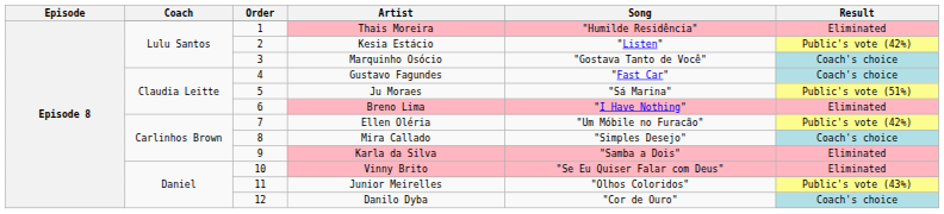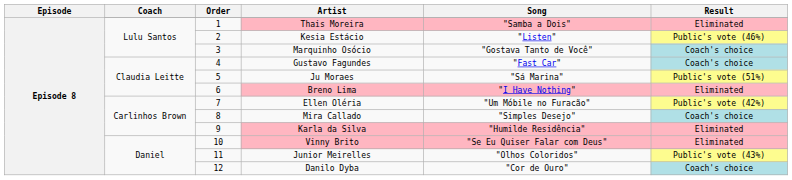 <table class="wikitable" style="text-align:center; width:100%;">
 <tr>
 <th scope="col" width="11%">Episode</th>
 <th scope="col" width="10%">Coach</th>
 <th scope="col" width="05%">Order</th>
 <th scope="col" width="20%">Artist</th>
 <th scope="col" width="25%">Song</th>
 <th scope="col" width="15%">Result</th>
 </tr>
 <tr>
 <th scope="col" rowspan="13">Episode 8<br></th>
 </tr>
 <tr>
 <td rowspan=3>Lulu Santos</td>
 <td>1</td>
 <td bgcolor="FFB6C1">Thais Moreira</td>
-<td bgcolor="FFB6C1">"Humilde Residência"</td>
+<td bgcolor="FFB6C1">"Samba a Dois"</td>
 <td bgcolor="FFB6C1">Eliminated</td>
 </tr>
 <tr>
 <td>2</td>
 <td>Kesia Estácio</td>
 <td>"<a href='#'>Listen</a>"</td>
-<td bgcolor="FDFC8F">Public's vote (42%)</td>
+<td bgcolor="FDFC8F">Public's vote (46%)</td>
 </tr>
 <tr>
 <td>3</td>
 <td>Marquinho Osócio</td>
 <td>"Gostava Tanto de Você"</td>
 <td bgcolor="B0E0E6">Coach's choice</td>
 </tr>
 <tr>
 <td rowspan=3>Claudia Leitte</td>
 <td>4</td>
 <td>Gustavo Fagundes</td>
 <td>"<a href='#'>Fast Car</a>"</td>
 <td bgcolor="B0E0E6">Coach's choice</td>
 </tr>
 <tr>
 <td>5</td>
 <td>Ju Moraes</td>
 <td>"Sá Marina"</td>
 <td bgcolor="FDFC8F">Public's vote (51%)</td>
 </tr>
 <tr>
 <td>6</td>
 <td bgcolor="FFB6C1">Breno Lima</td>
 <td bgcolor="FFB6C1">"<a href='#'>I Have Nothing</a>"</td>
 <td bgcolor="FFB6C1">Eliminated</td>
 </tr>
 <tr>
 <td rowspan=3>Carlinhos Brown</td>
 <td>7</td>
 <td>Ellen Oléria</td>
 <td>"Um Móbile no Furacão"</td>
 <td bgcolor="FDFC8F">Public's vote (42%)</td>
 </tr>
 <tr>
 <td>8</td>
 <td>Mira Callado</td>
 <td>"Simples Desejo"</td>
 <td bgcolor="B0E0E6">Coach's choice</td>
 </tr>
 <tr>
 <td>9</td>
 <td bgcolor="FFB6C1">Karla da Silva</td>
-<td bgcolor="FFB6C1">"Samba a Dois"</td>
+<td bgcolor="FFB6C1">"Humilde Residência"</td>
 <td bgcolor="FFB6C1">Eliminated</td>
 </tr>
 <tr>
 <td rowspan=3>Daniel</td>
 <td>10</td>
 <td bgcolor="FFB6C1">Vinny Brito</td>
 <td bgcolor="FFB6C1">"Se Eu Quiser Falar com Deus"</td>
 <td bgcolor="FFB6C1">Eliminated</td>
 </tr>
 <tr>
 <td>11</td>
 <td>Junior Meirelles</td>
 <td>"Olhos Coloridos"</td>
 <td bgcolor="FDFC8F">Public's vote (43%)</td>
 </tr>
 <tr>
 <td>12</td>
 <td>Danilo Dyba</td>
 <td>"Cor de Ouro"</td>
 <td bgcolor="B0E0E6">Coach's choice</td>
 </tr>
 </table>
